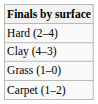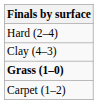 <table class=wikitable style=font-size:90%>
 <tr>
 <th>Finals by surface</th>
 </tr>
 <tr>
 <td>Hard (2–4)</td>
 </tr>
 <tr>
 <td>Clay (4–3)</td>
 </tr>
 <tr>
-<td>Grass (1–0)</td>
+<td><strong>Grass (1–0)</strong></td>
 </tr>
 <tr>
 <td>Carpet (1–2)</td>
 </tr>
 </table>
